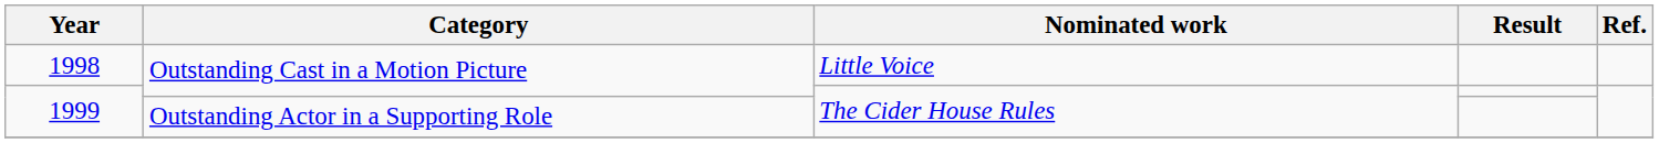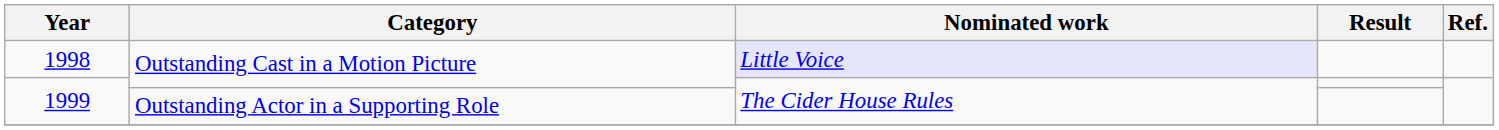 <table class=wikitable>
 <tr>
 <th scope="col" style="width:5em;">Year</th>
 <th scope="col" style="width:26em;">Category</th>
 <th scope="col" style="width:25em;">Nominated work</th>
 <th scope="col" style="width:5em;">Result</th>
 <th>Ref.</th>
 </tr>
 <tr>
 <td style="text-align:center;"><a href='#'>1998</a></td>
 <td rowspan="2"><a href='#'>Outstanding Cast in a Motion Picture</a></td>
-<td><em><a href='#'>Little Voice</a></em></td>
+<td style="background: lavender;"><em><a href='#'>Little Voice</a></em></td>
 <td></td>
 <td style="text-align:center;"></td>
 </tr>
 <tr>
 <td style="text-align:center;", rowspan="2"><a href='#'>1999</a></td>
 <td rowspan="2"><em><a href='#'>The Cider House Rules</a></em></td>
 <td></td>
 <td style="text-align:center;", rowspan=2></td>
 </tr>
 <tr>
 <td><a href='#'>Outstanding Actor in a Supporting Role</a></td>
 <td></td>
 </tr>
 <tr>
 </tr>
 </table>
